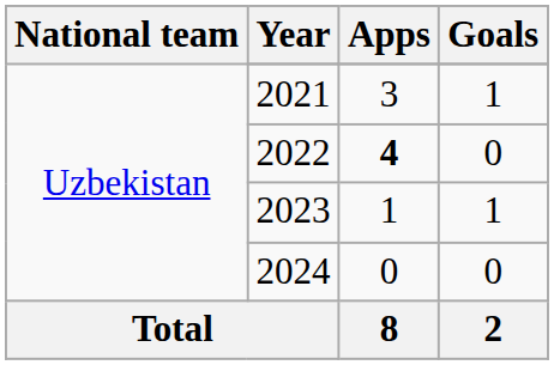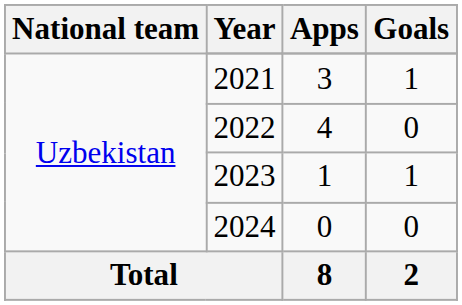 <table class="wikitable" style="text-align:center">
 <tr>
 <th>National team</th>
 <th>Year</th>
 <th>Apps</th>
 <th>Goals</th>
 </tr>
 <tr>
 <td rowspan=5><a href='#'>Uzbekistan</a></td>
 </tr>
 <tr>
 <td>2021</td>
 <td>3</td>
 <td>1</td>
 </tr>
 <tr>
 <td>2022</td>
-<td><strong>4</strong></td>
+<td>4</td>
 <td>0</td>
 </tr>
 <tr>
 <td>2023</td>
 <td>1</td>
 <td>1</td>
 </tr>
 <tr>
 <td>2024</td>
 <td>0</td>
 <td>0</td>
 </tr>
 <tr>
 <th colspan=2>Total</th>
 <th>8</th>
 <th>2</th>
 </tr>
 </table>
